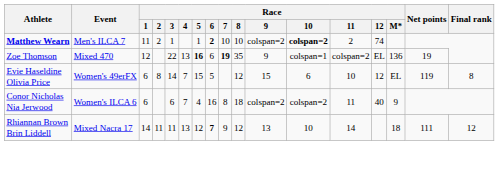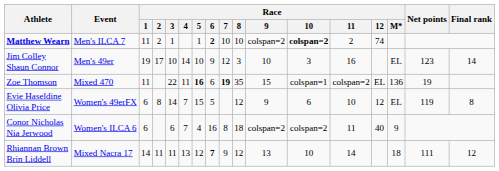 <table class=wikitable style=font-size:90%;text-align:center>
 <tr>
 <th rowspan=2>Athlete</th>
 <th rowspan=2>Event</th>
 <th colspan=13>Race</th>
 <th rowspan=2>Net points</th>
 <th rowspan=2>Final rank</th>
 </tr>
 <tr style=font-size:95%>
 <th>1</th>
 <th>2</th>
 <th>3</th>
 <th>4</th>
 <th>5</th>
 <th>6</th>
 <th>7</th>
 <th>8</th>
 <th>9</th>
 <th>10</th>
 <th>11</th>
 <th>12</th>
 <th>M*</th>
 </tr>
 <tr>
 <td align=left><strong><a href='#'>Matthew Wearn</a></strong></td>
 <td align=left><a href='#'>Men's ILCA 7</a></td>
 <td>11</td>
 <td>2</td>
 <td>1</td>
 <td></td>
 <td>1</td>
 <td><strong>2</strong></td>
 <td>10</td>
 <td>10</td>
 <td>colspan=2 </td>
 <td><strong>colspan=2 </strong></td>
 <td>2</td>
 <td>74</td>
 <td></td>
 </tr>
 <tr>
+<td align=left><a href='#'>Jim Colley</a> <br> <a href='#'>Shaun Connor</a></td>
+<td align=left><a href='#'>Men's 49er</a></td>
+<td>19</td>
+<td>17</td>
+<td>10</td>
+<td>14</td>
+<td>10</td>
+<td>9</td>
+<td>12</td>
+<td>3</td>
+<td>10</td>
+<td>3</td>
+<td>16</td>
+<td></td>
+<td>EL</td>
+<td>123</td>
+<td>14</td>
+</tr>
+<tr>
 <td align=left><a href='#'>Zoe Thomson</a></td>
 <td align=left><a href='#'>Mixed 470</a></td>
-<td>12</td>
+<td>11</td>
 <td></td>
 <td>22</td>
-<td>13</td>
+<td>11</td>
 <td><strong>16</strong></td>
 <td>6</td>
 <td><strong>19</strong></td>
 <td>35</td>
-<td>9</td>
+<td>15</td>
 <td>colspan=1 </td>
 <td>colspan=2 </td>
 <td>EL</td>
 <td>136</td>
 <td>19</td>
 </tr>
 <tr>
 <td align=left><a href='#'>Evie Haseldine</a><br><a href='#'>Olivia Price</a></td>
 <td align=left><a href='#'>Women's 49erFX</a></td>
 <td>6</td>
 <td>8</td>
 <td>14</td>
 <td>7</td>
 <td>15</td>
 <td>5</td>
 <td></td>
 <td>12</td>
-<td>15</td>
+<td>9</td>
 <td>6</td>
 <td>10</td>
 <td>12</td>
 <td>EL</td>
 <td>119</td>
 <td>8</td>
 </tr>
 <tr>
 <td align=left><a href='#'>Conor Nicholas</a> <br> <a href='#'>Nia Jerwood</a></td>
 <td align=left><a href='#'>Women's ILCA 6</a></td>
 <td>6</td>
 <td></td>
 <td>6</td>
 <td>7</td>
 <td>4</td>
 <td>16</td>
 <td>8</td>
 <td>18</td>
 <td>colspan=2 </td>
 <td>colspan=2 </td>
 <td>11</td>
 <td>40</td>
 <td>9</td>
 </tr>
 <tr>
 <td align=left><a href='#'>Rhiannan Brown</a> <br> <a href='#'>Brin Liddell</a></td>
 <td align=left><a href='#'>Mixed Nacra 17</a></td>
 <td>14</td>
 <td>11</td>
 <td>11</td>
 <td>13</td>
 <td>12</td>
 <td><strong>7</strong></td>
 <td>9</td>
 <td>12</td>
 <td>13</td>
 <td>10</td>
 <td>14</td>
 <td></td>
 <td>18</td>
 <td>111</td>
 <td>12</td>
 </tr>
 </table>
